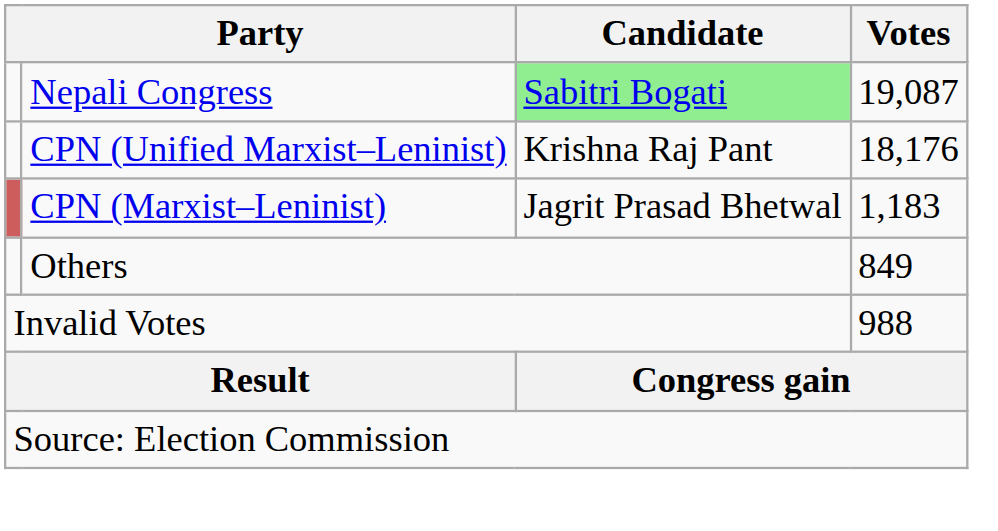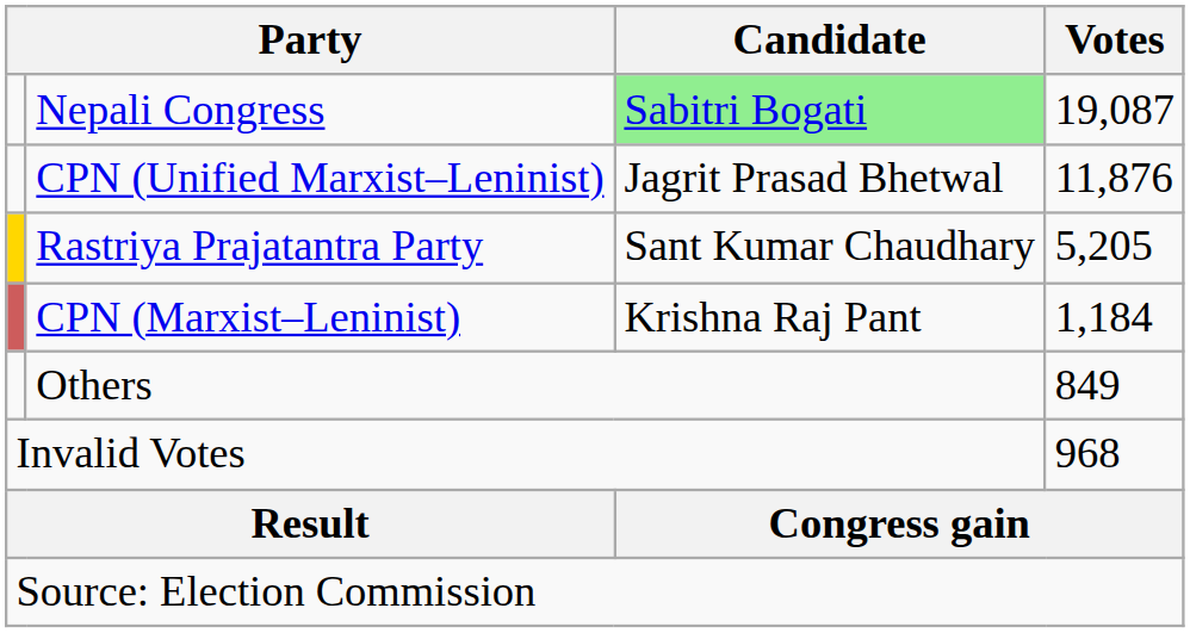 <table class="wikitable">
 <tr>
 <th colspan="2">Party</th>
 <th>Candidate</th>
 <th>Votes</th>
 </tr>
 <tr>
 <td style="background-color:"></td>
 <td><a href='#'>Nepali Congress</a></td>
 <td style="background: lightgreen;"><a href='#'>Sabitri Bogati</a></td>
 <td>19,087</td>
 </tr>
 <tr>
 <td style="background-color:"></td>
 <td><a href='#'>CPN (Unified Marxist–Leninist)</a></td>
-<td>Krishna Raj Pant</td>
-<td>18,176</td>
+<td>Jagrit Prasad Bhetwal</td>
+<td>11,876</td>
+</tr>
+<tr>
+<td style="background-color:gold"></td>
+<td><a href='#'>Rastriya Prajatantra Party</a></td>
+<td>Sant Kumar Chaudhary</td>
+<td>5,205</td>
 </tr>
 <tr>
 <td style="background-color:indianred"></td>
 <td><a href='#'>CPN (Marxist–Leninist)</a></td>
-<td>Jagrit Prasad Bhetwal</td>
-<td>1,183</td>
+<td>Krishna Raj Pant</td>
+<td>1,184</td>
 </tr>
 <tr>
 <td></td>
 <td colspan="2">Others</td>
 <td>849</td>
 </tr>
 <tr>
 <td colspan="3">Invalid Votes</td>
-<td>988</td>
+<td>968</td>
 </tr>
 <tr>
 <th colspan="2">Result</th>
 <th colspan="2">Congress gain</th>
 </tr>
 <tr>
 <td colspan="4">Source: Election Commission</td>
 </tr>
 </table>
